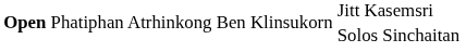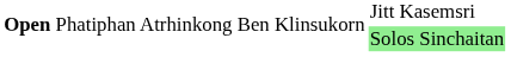 <table>
 <tr>
 <th scope=row rowspan=2>Open</th>
 <td rowspan=2> Phatiphan Atrhinkong</td>
 <td rowspan=2> Ben Klinsukorn</td>
 <td> Jitt Kasemsri</td>
 </tr>
 <tr>
-<td> Solos Sinchaitan</td>
+<td style="background: lightgreen;"> Solos Sinchaitan</td>
 </tr>
 <tr>
 </tr>
 </table>
